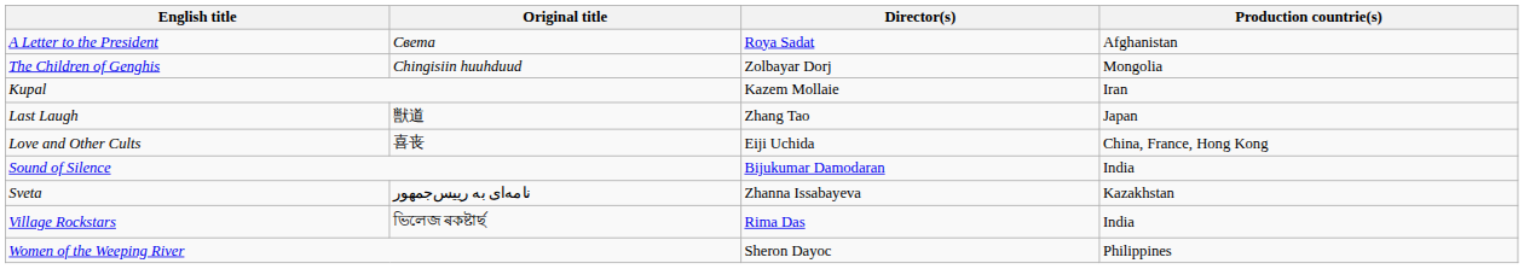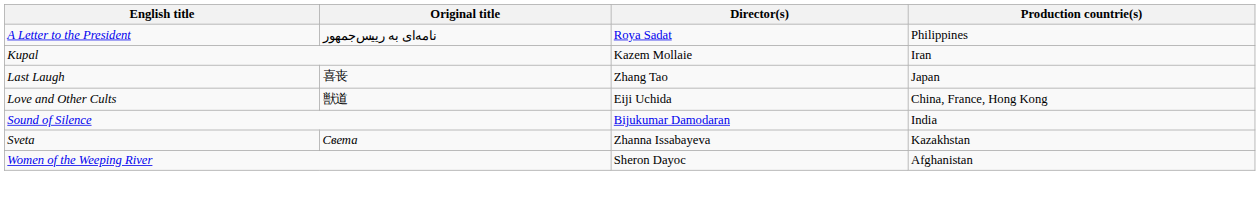 <table class="sortable wikitable" style="width:100%; margin-bottom:4px">
 <tr>
 <th scope="col">English title</th>
 <th scope="col">Original title</th>
 <th scope="col">Director(s)</th>
 <th scope="col">Production countrie(s)</th>
 </tr>
 <tr>
 <td><em><a href='#'>A Letter to the President</a></em></td>
-<td><em>Света</em></td>
+<td>نامه‌ای به رییس‌جمهور</td>
 <td><a href='#'>Roya Sadat</a></td>
-<td>Afghanistan</td>
-</tr>
-<tr>
-<td><em><a href='#'>The Children of Genghis</a></em></td>
-<td><em>Chingisiin huuhduud</em></td>
-<td>Zolbayar Dorj</td>
-<td>Mongolia</td>
+<td>Philippines</td>
 </tr>
 <tr>
 <td colspan="2"><em>Kupal</em></td>
 <td>Kazem Mollaie</td>
 <td>Iran</td>
 </tr>
 <tr>
 <td><em>Last Laugh</em></td>
-<td>獣道</td>
+<td>喜丧</td>
 <td>Zhang Tao</td>
 <td>Japan</td>
 </tr>
 <tr>
 <td><em>Love and Other Cults</em></td>
-<td>喜丧</td>
+<td>獣道</td>
 <td>Eiji Uchida</td>
 <td>China, France, Hong Kong</td>
 </tr>
 <tr>
 <td colspan="2"><em><a href='#'>Sound of Silence</a></em></td>
 <td><a href='#'>Bijukumar Damodaran</a></td>
 <td>India</td>
 </tr>
 <tr>
 <td><em>Sveta</em></td>
-<td>نامه‌ای به رییس‌جمهور</td>
+<td><em>Света</em></td>
 <td>Zhanna Issabayeva</td>
 <td>Kazakhstan</td>
 </tr>
 <tr>
-<td><em><a href='#'>Village Rockstars</a></em></td>
-<td>ভিলেজ ৰকষ্টাৰ্ছ</td>
-<td><a href='#'>Rima Das</a></td>
-<td>India</td>
-</tr>
-<tr>
 <td colspan="2"><em><a href='#'>Women of the Weeping River</a></em></td>
 <td>Sheron Dayoc</td>
-<td>Philippines</td>
+<td>Afghanistan</td>
 </tr>
 </table>
